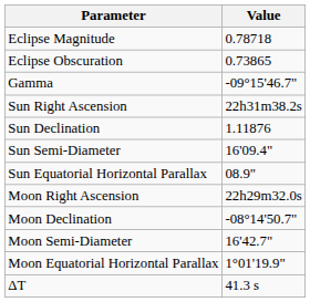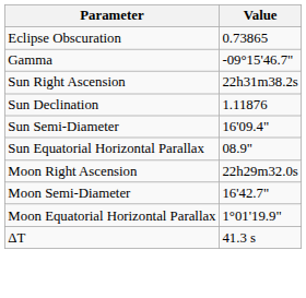 <table class="wikitable">
 <tr>
 <th>Parameter</th>
 <th>Value</th>
-</tr>
-<tr>
-<td>Eclipse Magnitude</td>
-<td>0.78718</td>
 </tr>
 <tr>
 <td>Eclipse Obscuration</td>
 <td>0.73865</td>
 </tr>
 <tr>
 <td>Gamma</td>
 <td>-09°15'46.7"</td>
 </tr>
 <tr>
 <td>Sun Right Ascension</td>
 <td>22h31m38.2s</td>
 </tr>
 <tr>
 <td>Sun Declination</td>
 <td>1.11876</td>
 </tr>
 <tr>
 <td>Sun Semi-Diameter</td>
 <td>16'09.4"</td>
 </tr>
 <tr>
 <td>Sun Equatorial Horizontal Parallax</td>
 <td>08.9"</td>
 </tr>
 <tr>
 <td>Moon Right Ascension</td>
 <td>22h29m32.0s</td>
 </tr>
 <tr>
-<td>Moon Declination</td>
-<td>-08°14'50.7"</td>
-</tr>
-<tr>
 <td>Moon Semi-Diameter</td>
 <td>16'42.7"</td>
 </tr>
 <tr>
 <td>Moon Equatorial Horizontal Parallax</td>
 <td>1°01'19.9"</td>
 </tr>
 <tr>
 <td>ΔT</td>
 <td>41.3 s</td>
 </tr>
 </table>
